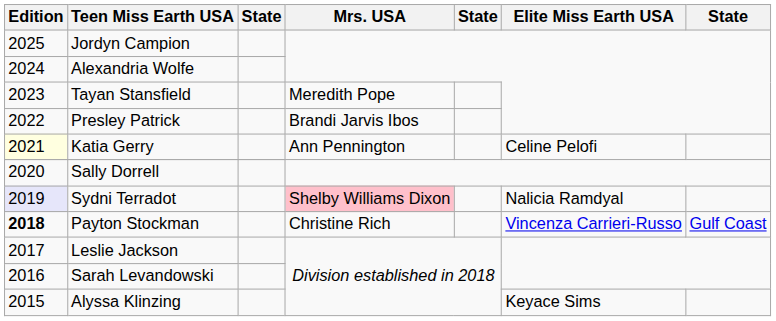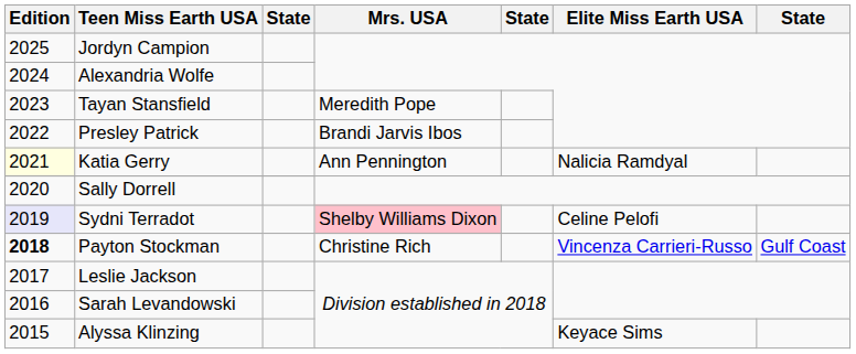 <table class="wikitable">
 <tr>
 <th>Edition</th>
 <th>Teen Miss Earth USA</th>
 <th>State</th>
 <th>Mrs. USA</th>
 <th>State</th>
 <th>Elite Miss Earth USA</th>
 <th>State</th>
 </tr>
 <tr>
 <td>2025</td>
 <td>Jordyn Campion</td>
 <td></td>
 </tr>
 <tr>
 <td>2024</td>
 <td>Alexandria Wolfe</td>
 <td></td>
 </tr>
 <tr>
 <td>2023</td>
 <td>Tayan Stansfield</td>
 <td></td>
 <td>Meredith Pope</td>
 <td></td>
 </tr>
 <tr>
 <td>2022</td>
 <td>Presley Patrick</td>
 <td></td>
 <td>Brandi Jarvis Ibos</td>
 <td></td>
 </tr>
 <tr>
 <td style="background: lightyellow;">2021</td>
 <td>Katia Gerry</td>
 <td></td>
 <td>Ann Pennington</td>
 <td></td>
-<td>Celine Pelofi</td>
+<td>Nalicia Ramdyal</td>
 <td></td>
 </tr>
 <tr>
 </tr>
 <tr>
 <td>2020</td>
 <td>Sally Dorrell</td>
 <td></td>
 </tr>
 <tr>
 <td style="background: lavender;">2019</td>
 <td>Sydni Terradot</td>
 <td></td>
 <td style="background: pink;">Shelby Williams Dixon</td>
 <td></td>
-<td>Nalicia Ramdyal</td>
+<td>Celine Pelofi</td>
 <td></td>
 </tr>
 <tr>
 <td><strong>2018</strong></td>
 <td>Payton Stockman</td>
 <td></td>
 <td>Christine Rich</td>
 <td></td>
 <td><a href='#'>Vincenza Carrieri-Russo</a></td>
 <td> <a href='#'>Gulf Coast</a></td>
 </tr>
 <tr>
 <td>2017</td>
 <td>Leslie Jackson</td>
 <td></td>
 <td colspan="2" rowspan="3" align="center"><em>Division established in 2018</em></td>
 </tr>
 <tr>
 <td>2016</td>
 <td>Sarah Levandowski</td>
 <td></td>
 </tr>
 <tr>
 <td>2015</td>
 <td>Alyssa Klinzing</td>
 <td></td>
 <td>Keyace Sims</td>
 <td></td>
 </tr>
 </table>
